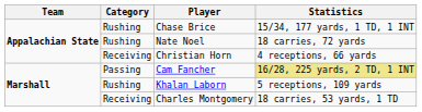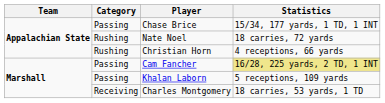 <table class="wikitable" style="float: right;">
 <tr>
 <th>Team</th>
 <th>Category</th>
 <th>Player</th>
 <th>Statistics</th>
 </tr>
 <tr>
 <td rowspan=3><strong>Appalachian State</strong></td>
-<td>Rushing</td>
+<td>Passing</td>
 <td>Chase Brice</td>
 <td>15/34, 177 yards, 1 TD, 1 INT</td>
 </tr>
 <tr>
 <td>Rushing</td>
 <td>Nate Noel</td>
 <td>18 carries, 72 yards</td>
 </tr>
 <tr>
-<td>Receiving</td>
+<td>Rushing</td>
 <td>Christian Horn</td>
 <td>4 receptions, 66 yards</td>
 </tr>
 <tr>
 <td rowspan=3><strong>Marshall</strong></td>
 <td>Passing</td>
 <td><a href='#'>Cam Fancher</a></td>
 <td style="background: khaki;">16/28, 225 yards, 2 TD, 1 INT</td>
 </tr>
 <tr>
-<td>Rushing</td>
+<td>Passing</td>
 <td><a href='#'>Khalan Laborn</a></td>
 <td>5 receptions, 109 yards</td>
 </tr>
 <tr>
 <td>Receiving</td>
 <td>Charles Montgomery</td>
 <td>18 carries, 53 yards, 1 TD</td>
 </tr>
 </table>
